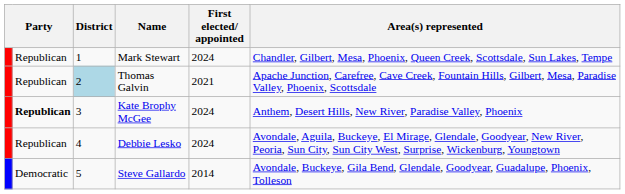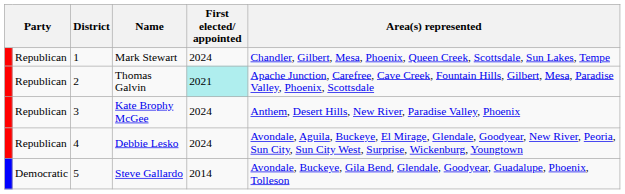 <table class="wikitable col3center col5center">
 <tr>
 <th colspan="2">Party</th>
 <th>District</th>
 <th>Name</th>
 <th>First elected/<br>appointed</th>
 <th>Area(s) represented</th>
 </tr>
 <tr>
 <td style="background:red;"> </td>
 <td>Republican</td>
 <td>1</td>
 <td>Mark Stewart</td>
 <td>2024</td>
 <td><a href='#'>Chandler</a>, <a href='#'>Gilbert</a>, <a href='#'>Mesa</a>, <a href='#'>Phoenix</a>, <a href='#'>Queen Creek</a>, <a href='#'>Scottsdale</a>, <a href='#'>Sun Lakes</a>, <a href='#'>Tempe</a></td>
 </tr>
 <tr>
 <td style="background:red;"> </td>
 <td>Republican</td>
-<td style="background: lightblue;">2</td>
+<td>2</td>
 <td>Thomas Galvin</td>
-<td>2021</td>
+<td style="background: paleturquoise;">2021</td>
 <td><a href='#'>Apache Junction</a>, <a href='#'>Carefree</a>, <a href='#'>Cave Creek</a>, <a href='#'>Fountain Hills</a>, <a href='#'>Gilbert</a>, <a href='#'>Mesa</a>, <a href='#'>Paradise Valley</a>, <a href='#'>Phoenix</a>, <a href='#'>Scottsdale</a></td>
 </tr>
 <tr>
 <td style="background:red;"> </td>
-<td><strong>Republican</strong></td>
+<td>Republican</td>
 <td>3</td>
 <td><a href='#'>Kate Brophy McGee</a></td>
 <td>2024</td>
 <td><a href='#'>Anthem</a>, <a href='#'>Desert Hills</a>, <a href='#'>New River</a>, <a href='#'>Paradise Valley</a>, <a href='#'>Phoenix</a></td>
 </tr>
 <tr>
 <td style="background:red;"> </td>
 <td>Republican</td>
 <td>4</td>
 <td><a href='#'>Debbie Lesko</a></td>
 <td>2024</td>
 <td><a href='#'>Avondale</a>, <a href='#'>Aguila</a>, <a href='#'>Buckeye</a>, <a href='#'>El Mirage</a>, <a href='#'>Glendale</a>, <a href='#'>Goodyear</a>, <a href='#'>New River</a>, <a href='#'>Peoria</a>, <a href='#'>Sun City</a>, <a href='#'>Sun City West</a>, <a href='#'>Surprise</a>, <a href='#'>Wickenburg</a>, <a href='#'>Youngtown</a></td>
 </tr>
 <tr>
 <td style="background:blue;"> </td>
 <td>Democratic</td>
 <td>5</td>
 <td><a href='#'>Steve Gallardo</a></td>
 <td>2014</td>
 <td><a href='#'>Avondale</a>, <a href='#'>Buckeye</a>, <a href='#'>Gila Bend</a>, <a href='#'>Glendale</a>, <a href='#'>Goodyear</a>, <a href='#'>Guadalupe</a>, <a href='#'>Phoenix</a>, <a href='#'>Tolleson</a></td>
 </tr>
 </table>
